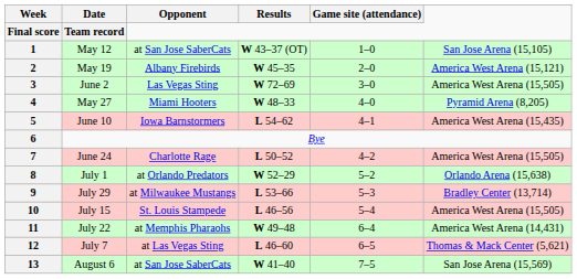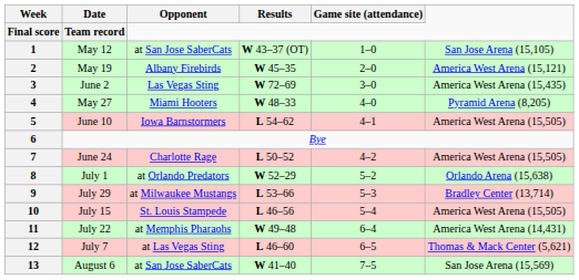 <table class="wikitable" style="font-size: 92%;" "align=center">
 <tr>
 <th>Week</th>
 <th>Date</th>
 <th>Opponent</th>
 <th>Results</th>
 <th>Game site (attendance)</th>
 </tr>
 <tr>
 <th>Final score</th>
 <th>Team record</th>
 </tr>
 <tr style="background:#cfc">
 <th>1</th>
 <td style="text-align:center;">May 12</td>
 <td style="text-align:center;">at <a href='#'>San Jose SaberCats</a></td>
 <td style="text-align:center;"><strong>W</strong> 43–37 (OT)</td>
 <td style="text-align:center;">1–0</td>
 <td style="text-align:center;"><a href='#'>San Jose Arena</a> (15,105)</td>
 </tr>
 <tr style="background:#cfc">
 <th>2</th>
 <td style="text-align:center;">May 19</td>
 <td style="text-align:center;"><a href='#'>Albany Firebirds</a></td>
 <td style="text-align:center;"><strong>W</strong> 45–35</td>
 <td style="text-align:center;">2–0</td>
 <td style="text-align:center;"><a href='#'>America West Arena</a> (15,121)</td>
 </tr>
 <tr style="background:#cfc">
 <th>3</th>
 <td style="text-align:center;">June 2</td>
 <td style="text-align:center;"><a href='#'>Las Vegas Sting</a></td>
 <td style="text-align:center;"><strong>W</strong> 72–69</td>
 <td style="text-align:center;">3–0</td>
-<td style="text-align:center;">America West Arena (15,505)</td>
+<td style="text-align:center;">America West Arena (15,435)</td>
 </tr>
 <tr style="background:#cfc">
 <th>4</th>
 <td style="text-align:center;">May 27</td>
 <td style="text-align:center;"><a href='#'>Miami Hooters</a></td>
 <td style="text-align:center;"><strong>W</strong> 48–33</td>
 <td style="text-align:center;">4–0</td>
 <td style="text-align:center;"><a href='#'>Pyramid Arena</a> (8,205)</td>
 </tr>
 <tr style="background:#fcc">
 <th>5</th>
 <td style="text-align:center;">June 10</td>
 <td style="text-align:center;"><a href='#'>Iowa Barnstormers</a></td>
 <td style="text-align:center;"><strong>L</strong> 54–62</td>
 <td style="text-align:center;">4–1</td>
-<td style="text-align:center;">America West Arena (15,435)</td>
+<td style="text-align:center;">America West Arena (15,505)</td>
 </tr>
 <tr style=>
 <th>6</th>
 <td colspan="8" style="text-align:center;"><em><a href='#'>Bye</a></em></td>
 </tr>
 <tr style="background:#fcc">
 <th>7</th>
 <td style="text-align:center;">June 24</td>
 <td style="text-align:center;"><a href='#'>Charlotte Rage</a></td>
 <td style="text-align:center;"><strong>L</strong> 50–52</td>
 <td style="text-align:center;">4–2</td>
 <td style="text-align:center;">America West Arena (15,505)</td>
 </tr>
 <tr style="background:#cfc">
 <th>8</th>
 <td style="text-align:center;">July 1</td>
 <td style="text-align:center;">at <a href='#'>Orlando Predators</a></td>
 <td style="text-align:center;"><strong>W</strong> 52–29</td>
 <td style="text-align:center;">5–2</td>
 <td style="text-align:center;"><a href='#'>Orlando Arena</a> (15,638)</td>
 </tr>
 <tr style="background:#fcc">
 <th>9</th>
 <td style="text-align:center;">July 29</td>
 <td style="text-align:center;">at <a href='#'>Milwaukee Mustangs</a></td>
 <td style="text-align:center;"><strong>L</strong> 53–66</td>
 <td style="text-align:center;">5–3</td>
 <td style="text-align:center;"><a href='#'>Bradley Center</a> (13,714)</td>
 </tr>
 <tr style="background:#fcc">
 <th>10</th>
 <td style="text-align:center;">July 15</td>
 <td style="text-align:center;"><a href='#'>St. Louis Stampede</a></td>
 <td style="text-align:center;"><strong>L</strong> 46–56</td>
 <td style="text-align:center;">5–4</td>
 <td style="text-align:center;">America West Arena (15,505)</td>
 </tr>
 <tr style="background:#cfc">
 <th>11</th>
 <td style="text-align:center;">July 22</td>
 <td style="text-align:center;">at <a href='#'>Memphis Pharaohs</a></td>
 <td style="text-align:center;"><strong>W</strong> 49–48</td>
 <td style="text-align:center;">6–4</td>
 <td style="text-align:center;">America West Arena (14,431)</td>
 </tr>
 <tr style="background:#fcc">
 <th>12</th>
 <td style="text-align:center;">July 7</td>
 <td style="text-align:center;">at <a href='#'>Las Vegas Sting</a></td>
 <td style="text-align:center;"><strong>L</strong> 46–60</td>
 <td style="text-align:center;">6–5</td>
 <td style="text-align:center;"><a href='#'>Thomas & Mack Center</a> (5,621)</td>
 </tr>
 <tr style="background:#cfc">
 <th>13</th>
 <td style="text-align:center;">August 6</td>
 <td style="text-align:center;">at <a href='#'>San Jose SaberCats</a></td>
 <td style="text-align:center;"><strong>W</strong> 41–40</td>
 <td style="text-align:center;">7–5</td>
 <td style="text-align:center;">San Jose Arena (15,569)</td>
 </tr>
 </table>
